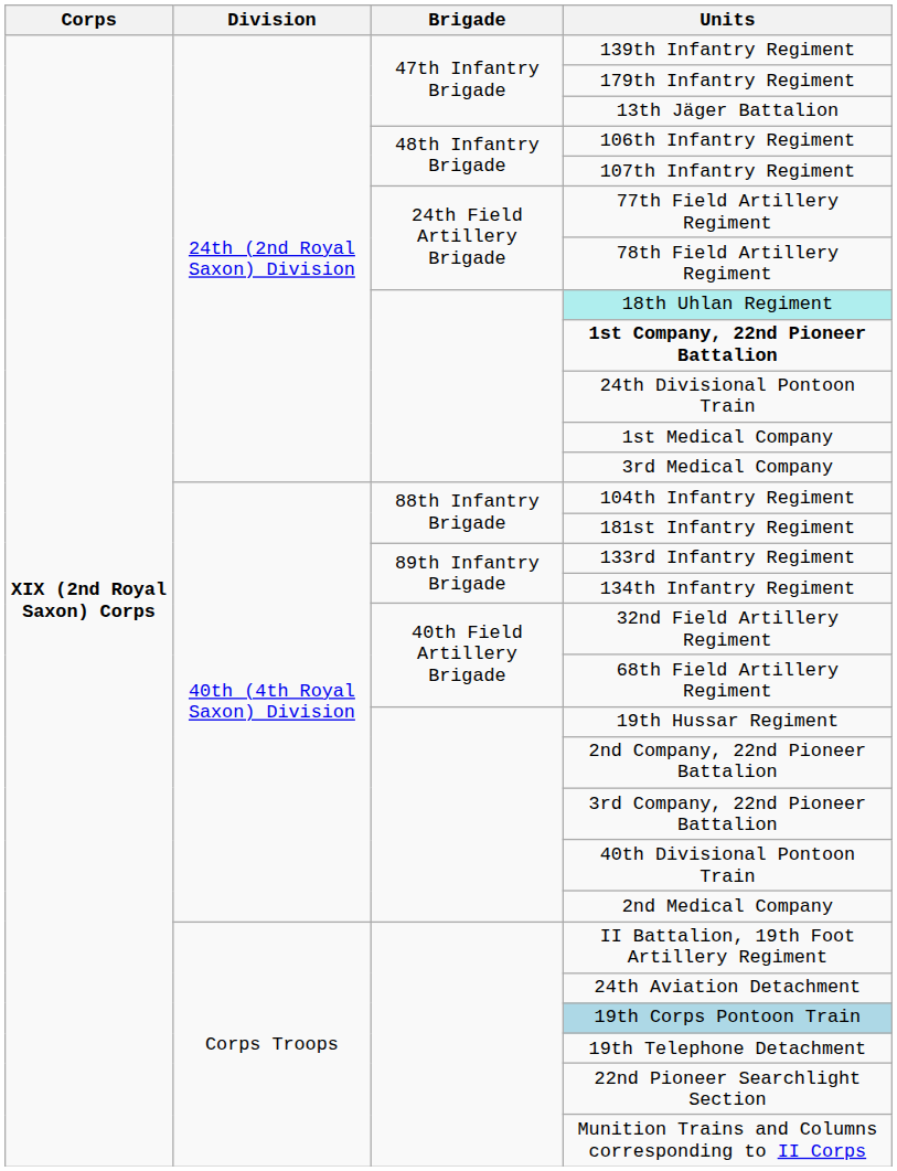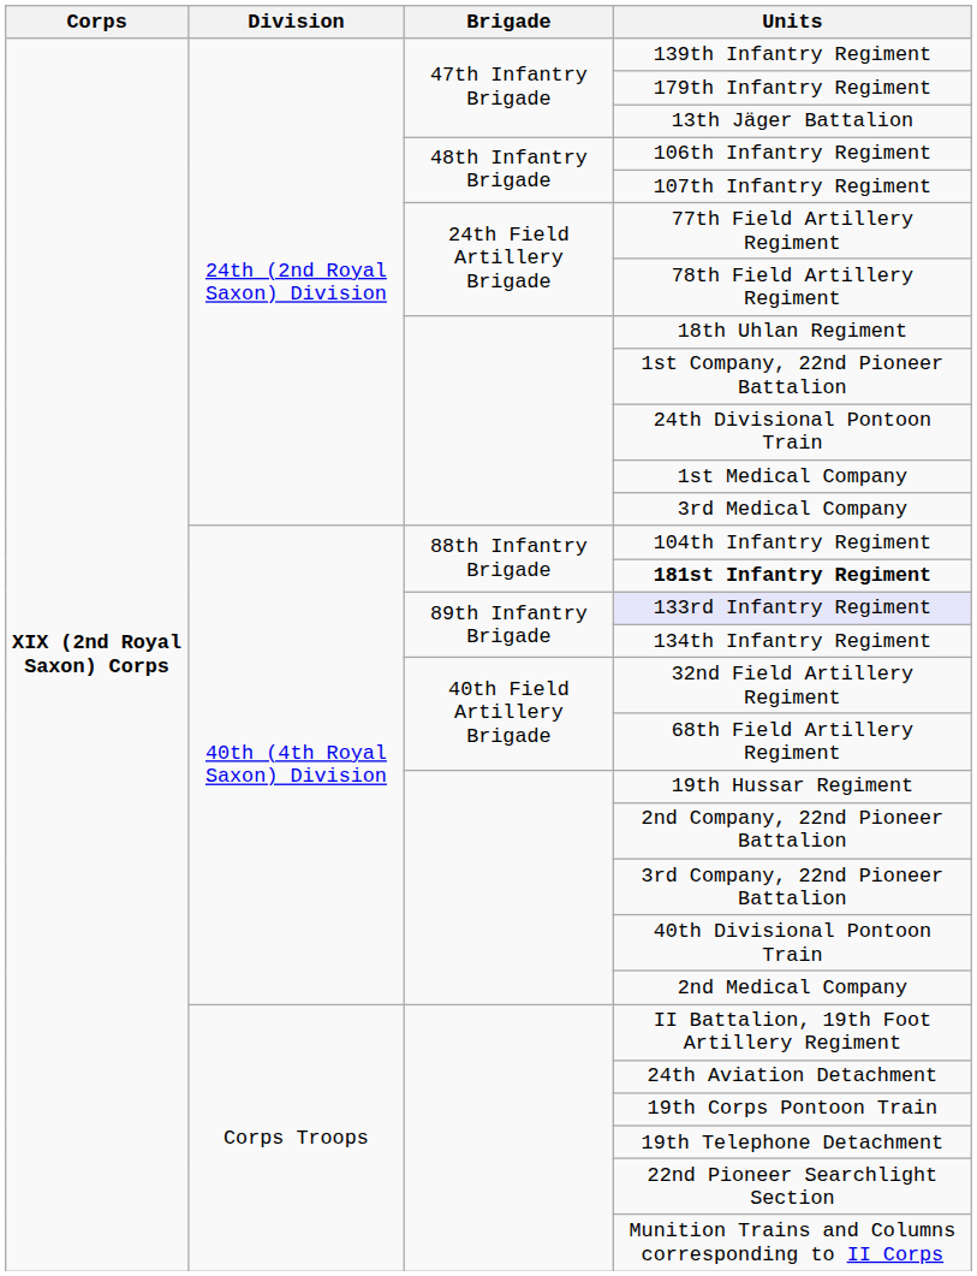 <table class="wikitable collapsible collapsed" style="text-align:center; width:100%;">
 <tr>
 <th>Corps</th>
 <th>Division</th>
 <th>Brigade</th>
 <th>Units</th>
 </tr>
 <tr>
 <td ROWSPAN=29><strong>XIX (2nd Royal Saxon) Corps</strong></td>
 <td ROWSPAN=12><a href='#'>24th (2nd Royal Saxon) Division</a></td>
 <td ROWSPAN=3>47th Infantry Brigade</td>
 <td>139th Infantry Regiment</td>
 </tr>
 <tr>
 <td>179th Infantry Regiment</td>
 </tr>
 <tr>
 <td>13th Jäger Battalion</td>
 </tr>
 <tr>
 <td ROWSPAN=2>48th Infantry Brigade</td>
 <td>106th Infantry Regiment</td>
 </tr>
 <tr>
 <td>107th Infantry Regiment</td>
 </tr>
 <tr>
 <td ROWSPAN=2>24th Field Artillery Brigade</td>
 <td>77th Field Artillery Regiment</td>
 </tr>
 <tr>
 <td>78th Field Artillery Regiment</td>
 </tr>
 <tr>
 <td ROWSPAN=5></td>
-<td style="background: paleturquoise;">18th Uhlan Regiment</td>
+<td>18th Uhlan Regiment</td>
 </tr>
 <tr>
-<td><strong>1st Company, 22nd Pioneer Battalion</strong></td>
+<td>1st Company, 22nd Pioneer Battalion</td>
 </tr>
 <tr>
 <td>24th Divisional Pontoon Train</td>
 </tr>
 <tr>
 <td>1st Medical Company</td>
 </tr>
 <tr>
 <td>3rd Medical Company</td>
 </tr>
 <tr>
 <td ROWSPAN=11><a href='#'>40th (4th Royal Saxon) Division</a></td>
 <td ROWSPAN=2>88th Infantry Brigade</td>
 <td>104th Infantry Regiment</td>
 </tr>
 <tr>
-<td>181st Infantry Regiment</td>
+<td><strong>181st Infantry Regiment</strong></td>
 </tr>
 <tr>
 <td ROWSPAN=2>89th Infantry Brigade</td>
-<td>133rd Infantry Regiment</td>
+<td style="background: lavender;">133rd Infantry Regiment</td>
 </tr>
 <tr>
 <td>134th Infantry Regiment</td>
 </tr>
 <tr>
 <td ROWSPAN=2>40th Field Artillery Brigade</td>
 <td>32nd Field Artillery Regiment</td>
 </tr>
 <tr>
 <td>68th Field Artillery Regiment</td>
 </tr>
 <tr>
 <td ROWSPAN=5></td>
 <td>19th Hussar Regiment</td>
 </tr>
 <tr>
 <td>2nd Company, 22nd Pioneer Battalion</td>
 </tr>
 <tr>
 <td>3rd Company, 22nd Pioneer Battalion</td>
 </tr>
 <tr>
 <td>40th Divisional Pontoon Train</td>
 </tr>
 <tr>
 <td>2nd Medical Company</td>
 </tr>
 <tr>
 <td ROWSPAN=6>Corps Troops</td>
 <td ROWSPAN=6></td>
 <td>II Battalion, 19th Foot Artillery Regiment</td>
 </tr>
 <tr>
 <td>24th Aviation Detachment</td>
 </tr>
 <tr>
-<td style="background: lightblue;">19th Corps Pontoon Train</td>
+<td>19th Corps Pontoon Train</td>
 </tr>
 <tr>
 <td>19th Telephone Detachment</td>
 </tr>
 <tr>
 <td>22nd Pioneer Searchlight Section</td>
 </tr>
 <tr>
 <td>Munition Trains and Columns corresponding to <a href='#'>II Corps</a></td>
 </tr>
 </table>
